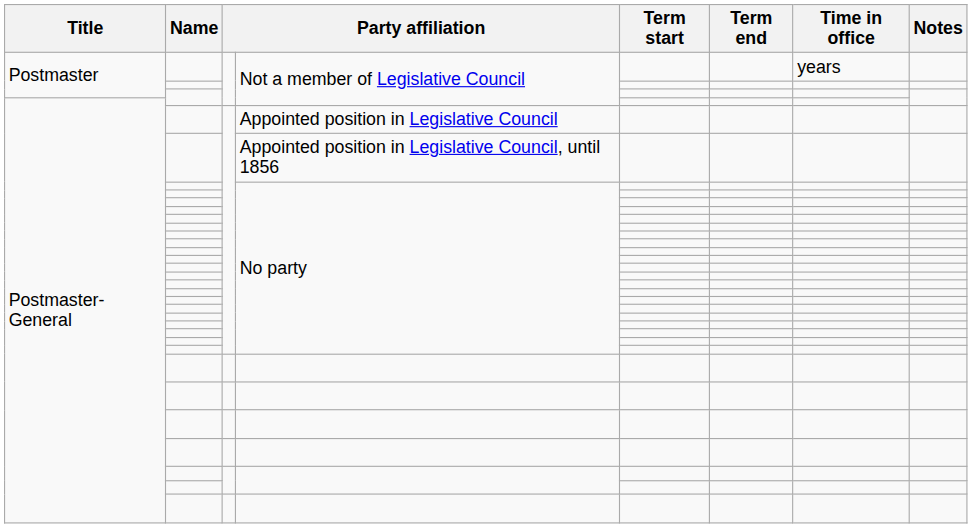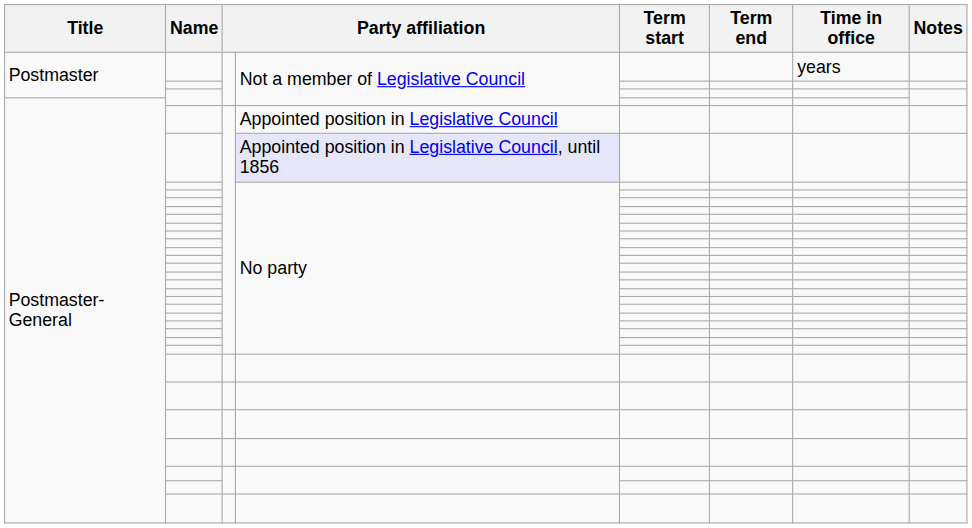 <table class="wikitable sortable">
 <tr>
 <th>Title</th>
 <th>Name</th>
 <th colspan="2">Party affiliation</th>
 <th>Term start</th>
 <th>Term end</th>
 <th>Time in office</th>
 <th class="unsortable">Notes</th>
 </tr>
 <tr>
 <td rowspan="3">Postmaster</td>
 <td></td>
 <td rowspan="4"> </td>
 <td rowspan="4">Not a member of <a href='#'>Legislative Council</a></td>
 <td></td>
 <td></td>
 <td> years</td>
 <td></td>
 </tr>
 <tr>
 <td></td>
 <td></td>
 <td></td>
 <td></td>
 <td></td>
 </tr>
 <tr>
 <td rowspan="2"></td>
 <td></td>
 <td></td>
 <td></td>
 <td rowspan="2"></td>
 </tr>
 <tr>
 <td rowspan="31">Postmaster-General</td>
 <td></td>
 <td></td>
 <td></td>
 </tr>
 <tr>
 <td></td>
 <td rowspan="23"> </td>
 <td>Appointed position in <a href='#'>Legislative Council</a></td>
 <td></td>
 <td></td>
 <td></td>
 <td></td>
 </tr>
 <tr>
 <td></td>
-<td>Appointed position in <a href='#'>Legislative Council</a>, until 1856</td>
+<td style="background: lavender;">Appointed position in <a href='#'>Legislative Council</a>, until 1856</td>
 <td></td>
 <td></td>
 <td></td>
 <td></td>
 </tr>
 <tr>
 <td></td>
 <td rowspan="21">No party</td>
 <td></td>
 <td></td>
 <td></td>
 <td></td>
 </tr>
 <tr>
 <td></td>
 <td></td>
 <td></td>
 <td></td>
 <td></td>
 </tr>
 <tr>
 <td></td>
 <td></td>
 <td></td>
 <td></td>
 <td></td>
 </tr>
 <tr>
 <td></td>
 <td></td>
 <td></td>
 <td></td>
 <td></td>
 </tr>
 <tr>
 <td></td>
 <td></td>
 <td></td>
 <td></td>
 <td></td>
 </tr>
 <tr>
 <td></td>
 <td></td>
 <td></td>
 <td></td>
 <td></td>
 </tr>
 <tr>
 <td></td>
 <td></td>
 <td></td>
 <td></td>
 <td></td>
 </tr>
 <tr>
 <td></td>
 <td></td>
 <td></td>
 <td></td>
 <td></td>
 </tr>
 <tr>
 <td></td>
 <td></td>
 <td></td>
 <td></td>
 <td></td>
 </tr>
 <tr>
 <td></td>
 <td></td>
 <td></td>
 <td></td>
 <td></td>
 </tr>
 <tr>
 <td></td>
 <td></td>
 <td></td>
 <td></td>
 <td></td>
 </tr>
 <tr>
 <td></td>
 <td></td>
 <td></td>
 <td></td>
 <td></td>
 </tr>
 <tr>
 <td></td>
 <td></td>
 <td></td>
 <td></td>
 <td></td>
 </tr>
 <tr>
 <td></td>
 <td></td>
 <td></td>
 <td></td>
 <td></td>
 </tr>
 <tr>
 <td></td>
 <td></td>
 <td></td>
 <td></td>
 <td></td>
 </tr>
 <tr>
 <td></td>
 <td></td>
 <td></td>
 <td></td>
 <td></td>
 </tr>
 <tr>
 <td></td>
 <td></td>
 <td></td>
 <td></td>
 <td></td>
 </tr>
 <tr>
 <td></td>
 <td></td>
 <td></td>
 <td></td>
 <td></td>
 </tr>
 <tr>
 <td></td>
 <td></td>
 <td></td>
 <td></td>
 <td></td>
 </tr>
 <tr>
 <td></td>
 <td></td>
 <td></td>
 <td></td>
 <td></td>
 </tr>
 <tr>
 <td></td>
 <td></td>
 <td></td>
 <td></td>
 <td></td>
 </tr>
 <tr>
 <td></td>
 <td> </td>
 <td></td>
 <td></td>
 <td></td>
 <td></td>
 <td></td>
 </tr>
 <tr>
 <td></td>
 <td> </td>
 <td></td>
 <td></td>
 <td></td>
 <td></td>
 <td></td>
 </tr>
 <tr>
 <td></td>
 <td> </td>
 <td></td>
 <td></td>
 <td></td>
 <td></td>
 <td></td>
 </tr>
 <tr>
 <td></td>
 <td> </td>
 <td></td>
 <td></td>
 <td></td>
 <td></td>
 <td></td>
 </tr>
 <tr>
 <td></td>
 <td rowspan="2" > </td>
 <td rowspan="2"></td>
 <td></td>
 <td></td>
 <td></td>
 <td></td>
 </tr>
 <tr>
 <td></td>
 <td></td>
 <td></td>
 <td></td>
 <td></td>
 </tr>
 <tr>
 <td></td>
 <td> </td>
 <td></td>
 <td></td>
 <td></td>
 <td></td>
 <td></td>
 </tr>
 </table>
